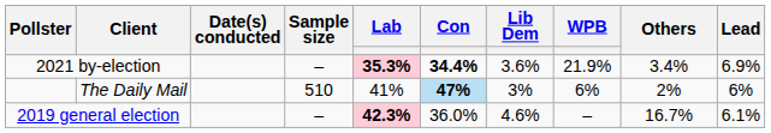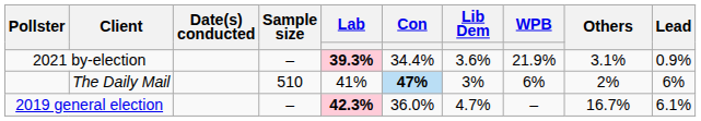 <table class="wikitable sortable mw-datatable" style="text-align:center;font-size:90%;line-height:14px;">
 <tr>
 <th rowspan="2">Pollster</th>
 <th rowspan="2">Client</th>
 <th rowspan="2">Date(s)<br>conducted</th>
 <th data-sort-type="number" rowspan="2">Sample<br>size</th>
 <th class="unsortable" style="width:50px;"><a href='#'>Lab</a></th>
 <th class="unsortable" style="width:50px;"><a href='#'>Con</a></th>
 <th class="unsortable" style="width:50px;"><a href='#'>Lib Dem</a></th>
 <th class="unsortable" style="width:50px;"><a href='#'>WPB</a></th>
 <th rowspan="2" class="unsortable" style="width:75px;">Others</th>
 <th data-sort-type="number" rowspan="2">Lead</th>
 </tr>
 <tr>
 <th data-sort-type="number" style="background:"></th>
 <th data-sort-type="number" style="background:"></th>
 <th data-sort-type="number" style="background:"></th>
 <th data-sort-type="number" style="background:"></th>
 </tr>
 <tr>
 <td colspan="2">2021 by-election</td>
 <td></td>
 <td>–</td>
-<td style="background:#FFCCD9;"><strong>35.3%</strong></td>
-<td><strong>34.4%</strong></td>
+<td style="background:#FFCCD9;"><strong>39.3%</strong></td>
+<td>34.4%</td>
 <td>3.6%</td>
 <td>21.9%</td>
-<td>3.4%</td>
-<td style="background:">6.9%</td>
+<td>3.1%</td>
+<td style="background:">0.9%</td>
 </tr>
 <tr>
 <td></td>
 <td><em>The Daily Mail</em></td>
 <td></td>
 <td>510</td>
 <td>41%</td>
 <td style="background:#BADEF5;"><strong>47%</strong></td>
 <td>3%</td>
 <td>6%</td>
 <td>2%</td>
 <td style="background:">6%</td>
 </tr>
 <tr>
 <td colspan="2"><a href='#'>2019 general election</a></td>
 <td></td>
 <td>–</td>
 <td style="background:#FFCCD9;"><strong>42.3%</strong></td>
 <td>36.0%</td>
-<td>4.6%</td>
+<td>4.7%</td>
 <td>–</td>
 <td>16.7%</td>
 <td style="background:">6.1%</td>
 </tr>
 </table>
